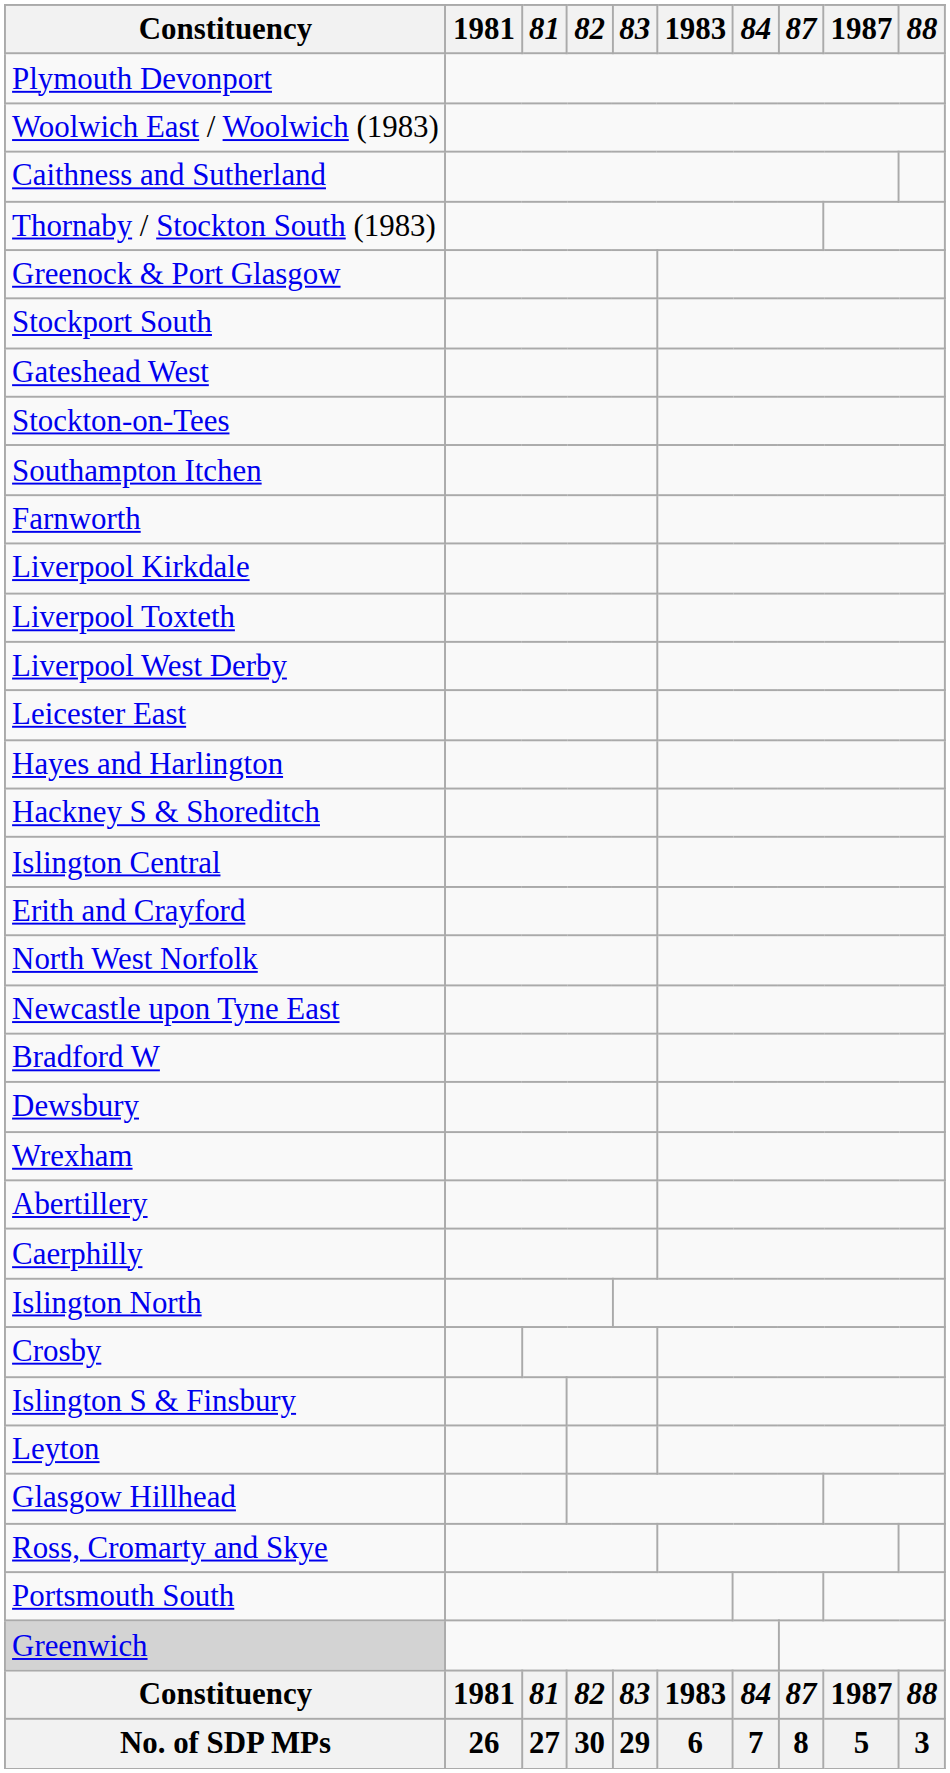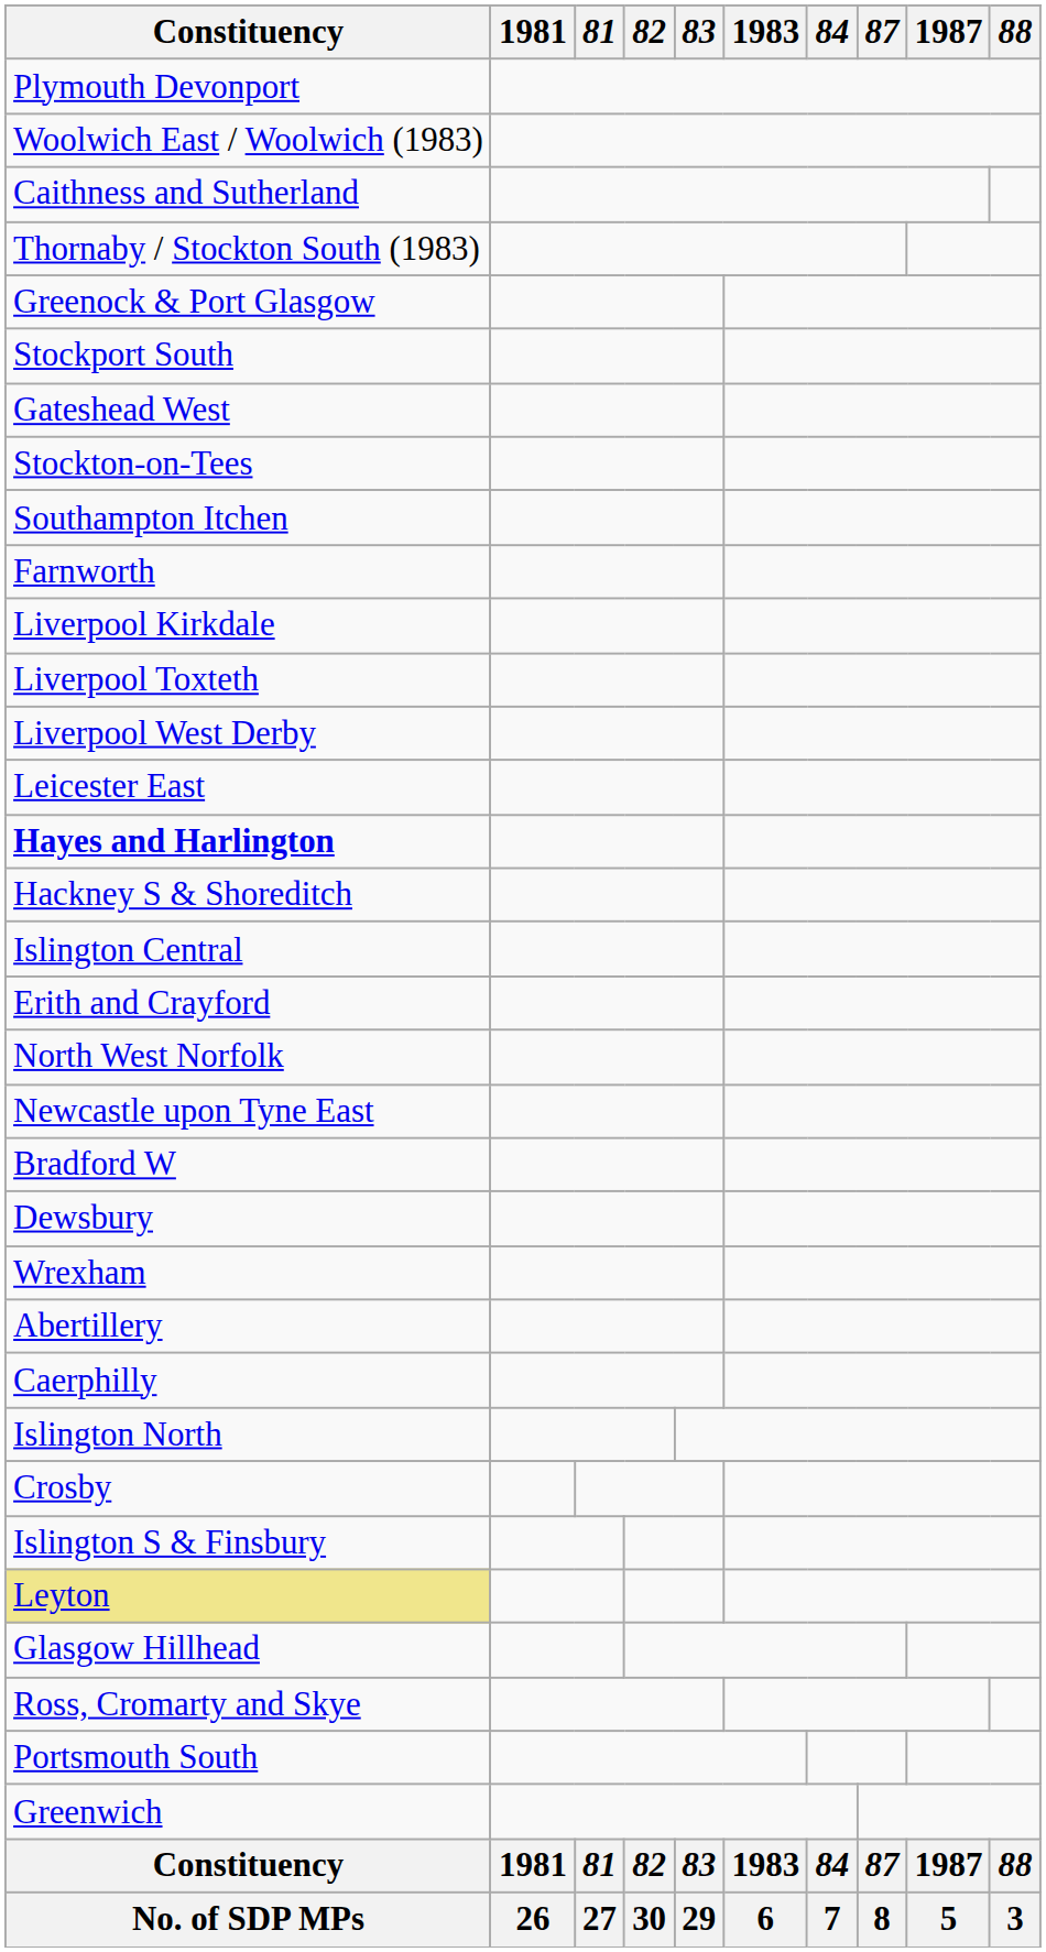 <table class="wikitable">
 <tr>
 <th>Constituency</th>
 <th>1981</th>
 <th><em>81</em></th>
 <th><em>82</em></th>
 <th><em>83</em></th>
 <th>1983</th>
 <th><em>84</em></th>
 <th><em>87</em></th>
 <th>1987</th>
 <th><em>88</em></th>
 </tr>
 <tr>
 <td><a href='#'>Plymouth Devonport</a></td>
 <td colspan="9"><a href='#'></a></td>
 </tr>
 <tr>
 <td><a href='#'>Woolwich East</a> / <a href='#'>Woolwich</a> (1983)</td>
 <td colspan="9"><a href='#'></a></td>
 </tr>
 <tr>
 <td><a href='#'>Caithness and Sutherland</a></td>
 <td colspan="8"><a href='#'></a></td>
 <td></td>
 </tr>
 <tr>
 <td><a href='#'>Thornaby</a> / <a href='#'>Stockton South</a> (1983)</td>
 <td colspan="7"><a href='#'></a></td>
 <td colspan="2"></td>
 </tr>
 <tr>
 <td><a href='#'>Greenock & Port Glasgow</a></td>
 <td colspan="4"><a href='#'></a></td>
 <td colspan="5"></td>
 </tr>
 <tr>
 <td><a href='#'>Stockport South</a></td>
 <td colspan="4"><a href='#'></a></td>
 <td colspan="5"></td>
 </tr>
 <tr>
 <td><a href='#'>Gateshead West</a></td>
 <td colspan="4"><a href='#'></a></td>
 <td colspan="5"></td>
 </tr>
 <tr>
 <td><a href='#'>Stockton-on-Tees</a></td>
 <td colspan="4"><a href='#'></a></td>
 <td colspan="5"></td>
 </tr>
 <tr>
 <td><a href='#'>Southampton Itchen</a></td>
 <td colspan="4"><a href='#'></a></td>
 <td colspan="5"></td>
 </tr>
 <tr>
 <td><a href='#'>Farnworth</a></td>
 <td colspan="4"><a href='#'></a></td>
 <td colspan="5"></td>
 </tr>
 <tr>
 <td><a href='#'>Liverpool Kirkdale</a></td>
 <td colspan="4"><a href='#'></a></td>
 <td colspan="5"></td>
 </tr>
 <tr>
 <td><a href='#'>Liverpool Toxteth</a></td>
 <td colspan="4"><a href='#'></a></td>
 <td colspan="5"></td>
 </tr>
 <tr>
 <td><a href='#'>Liverpool West Derby</a></td>
 <td colspan="4"><a href='#'></a></td>
 <td colspan="5"></td>
 </tr>
 <tr>
 <td><a href='#'>Leicester East</a></td>
 <td colspan="4"><a href='#'></a></td>
 <td colspan="5"></td>
 </tr>
 <tr>
-<td><a href='#'>Hayes and Harlington</a></td>
+<td><strong><a href='#'>Hayes and Harlington</a></strong></td>
 <td colspan="4"><a href='#'></a></td>
 <td colspan="5"></td>
 </tr>
 <tr>
 <td><a href='#'>Hackney S & Shoreditch</a></td>
 <td colspan="4"><a href='#'></a></td>
 <td colspan="5"></td>
 </tr>
 <tr>
 <td><a href='#'>Islington Central</a></td>
 <td colspan="4"><a href='#'></a></td>
 <td colspan="5"></td>
 </tr>
 <tr>
 <td><a href='#'>Erith and Crayford</a></td>
 <td colspan="4"><a href='#'></a></td>
 <td colspan="5"></td>
 </tr>
 <tr>
 <td><a href='#'>North West Norfolk</a></td>
 <td colspan="4"><a href='#'></a></td>
 <td colspan="5"></td>
 </tr>
 <tr>
 <td><a href='#'>Newcastle upon Tyne East</a></td>
 <td colspan="4"><a href='#'></a></td>
 <td colspan="5"></td>
 </tr>
 <tr>
 <td><a href='#'>Bradford W</a></td>
 <td colspan="4"><a href='#'></a></td>
 <td colspan="5"></td>
 </tr>
 <tr>
 <td><a href='#'>Dewsbury</a></td>
 <td colspan="4"><a href='#'></a></td>
 <td colspan="5"></td>
 </tr>
 <tr>
 <td><a href='#'>Wrexham</a></td>
 <td colspan="4"><a href='#'></a></td>
 <td colspan="5"></td>
 </tr>
 <tr>
 <td><a href='#'>Abertillery</a></td>
 <td colspan="4"><a href='#'></a></td>
 <td colspan="5"></td>
 </tr>
 <tr>
 <td><a href='#'>Caerphilly</a></td>
 <td colspan="4"><a href='#'></a></td>
 <td colspan="5"></td>
 </tr>
 <tr>
 <td><a href='#'>Islington North</a></td>
 <td colspan="3"><a href='#'></a></td>
 <td colspan="6"></td>
 </tr>
 <tr>
 <td><a href='#'>Crosby</a></td>
 <td></td>
 <td colspan="3"><a href='#'></a></td>
 <td colspan="5"></td>
 </tr>
 <tr>
 <td><a href='#'>Islington S & Finsbury</a></td>
 <td colspan="2"></td>
 <td colspan="2"><a href='#'></a></td>
 <td colspan="5"></td>
 </tr>
 <tr>
-<td><a href='#'>Leyton</a></td>
+<td style="background: khaki;"><a href='#'>Leyton</a></td>
 <td colspan="2"></td>
 <td colspan="2"><a href='#'></a></td>
 <td colspan="5"></td>
 </tr>
 <tr>
 <td><a href='#'>Glasgow Hillhead</a></td>
 <td colspan="2"></td>
 <td colspan="5"><a href='#'></a></td>
 <td colspan="2"></td>
 </tr>
 <tr>
 <td><a href='#'>Ross, Cromarty and Skye</a></td>
 <td colspan="4"></td>
 <td colspan="4"><a href='#'></a></td>
 <td></td>
 </tr>
 <tr>
 <td><a href='#'>Portsmouth South</a></td>
 <td colspan="5"></td>
 <td colspan="2"><a href='#'></a></td>
 <td colspan="2"></td>
 </tr>
 <tr>
-<td style="background: lightgrey;"><a href='#'>Greenwich</a></td>
+<td><a href='#'>Greenwich</a></td>
 <td colspan="6"></td>
 <td colspan="3"><a href='#'></a></td>
 </tr>
 <tr>
 <th>Constituency</th>
 <th>1981</th>
 <th><em>81</em></th>
 <th><em>82</em></th>
 <th><em>83</em></th>
 <th>1983</th>
 <th><em>84</em></th>
 <th><em>87</em></th>
 <th>1987</th>
 <th><em>88</em></th>
 </tr>
 <tr>
 <th>No. of SDP MPs</th>
 <th>26</th>
 <th>27</th>
 <th>30</th>
 <th>29</th>
 <th>6</th>
 <th>7</th>
 <th>8</th>
 <th>5</th>
 <th>3</th>
 </tr>
 </table>
